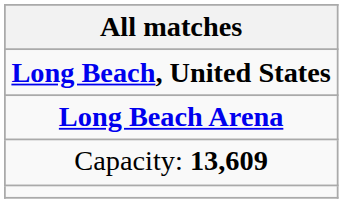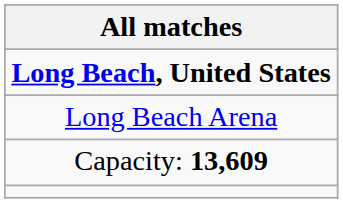 <table class="wikitable" style="text-align:center">
 <tr>
 <th>All matches</th>
 </tr>
 <tr>
 <td> <strong><a href='#'>Long Beach</a>, United States</strong></td>
 </tr>
 <tr>
-<td><strong><a href='#'>Long Beach Arena</a></strong></td>
+<td><a href='#'>Long Beach Arena</a></td>
 </tr>
 <tr>
 <td>Capacity: <strong>13,609</strong></td>
 </tr>
 <tr>
 <td></td>
 </tr>
 </table>
